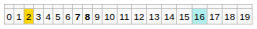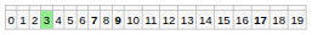 <table class=wikitable style="text-align: center;">
 <tr style="vertical-align: bottom;">
 <td></td>
 <td></td>
 <td></td>
 <td></td>
 <td></td>
 <td></td>
 <td></td>
 <td></td>
 <td></td>
 <td></td>
 <td></td>
 <td></td>
 <td></td>
 <td></td>
 <td></td>
 <td></td>
 <td></td>
 <td></td>
 <td></td>
 <td></td>
 </tr>
 <tr>
 <td>0</td>
 <td>1</td>
-<td style="background: gold;">2</td>
-<td>3</td>
+<td>2</td>
+<td style="background: lightgreen;">3</td>
 <td>4</td>
 <td>5</td>
 <td>6</td>
 <td><strong>7</strong></td>
-<td><strong>8</strong></td>
-<td>9</td>
+<td>8</td>
+<td><strong>9</strong></td>
 <td>10</td>
 <td>11</td>
 <td>12</td>
 <td>13</td>
 <td>14</td>
 <td>15</td>
-<td style="background: paleturquoise;">16</td>
-<td>17</td>
+<td>16</td>
+<td><strong>17</strong></td>
 <td>18</td>
 <td>19</td>
 </tr>
 </table>
